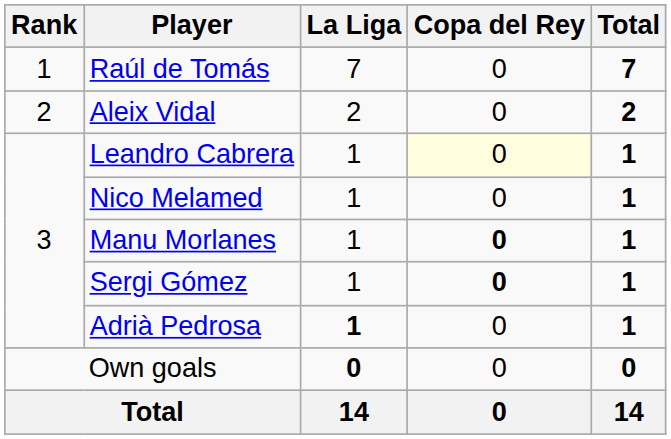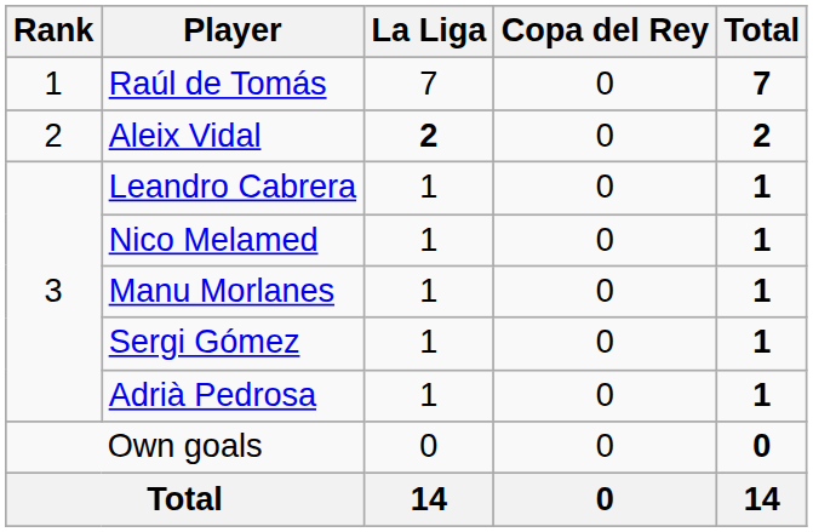 <table class="wikitable" style="text-align:center;">
 <tr>
 <th>Rank</th>
 <th>Player</th>
 <th>La Liga</th>
 <th>Copa del Rey</th>
 <th>Total</th>
 </tr>
 <tr>
 <td>1</td>
 <td align=left> <a href='#'>Raúl de Tomás</a></td>
 <td>7</td>
 <td>0</td>
 <td><strong>7</strong></td>
 </tr>
 <tr>
 <td>2</td>
 <td align=left> <a href='#'>Aleix Vidal</a></td>
-<td>2</td>
+<td><strong>2</strong></td>
 <td>0</td>
 <td><strong>2</strong></td>
 </tr>
 <tr>
 <td rowspan=5>3</td>
 <td align=left> <a href='#'>Leandro Cabrera</a></td>
 <td>1</td>
-<td style="background: lightyellow;">0</td>
+<td>0</td>
 <td><strong>1</strong></td>
 </tr>
 <tr>
 <td align=left> <a href='#'>Nico Melamed</a></td>
 <td>1</td>
 <td>0</td>
 <td><strong>1</strong></td>
 </tr>
 <tr>
 <td align=left> <a href='#'>Manu Morlanes</a></td>
 <td>1</td>
-<td><strong>0</strong></td>
+<td>0</td>
 <td><strong>1</strong></td>
 </tr>
 <tr>
 <td align=left> <a href='#'>Sergi Gómez</a></td>
 <td>1</td>
-<td><strong>0</strong></td>
+<td>0</td>
 <td><strong>1</strong></td>
 </tr>
 <tr>
 <td align=left> <a href='#'>Adrià Pedrosa</a></td>
-<td><strong>1</strong></td>
+<td>1</td>
 <td>0</td>
 <td><strong>1</strong></td>
 </tr>
 <tr>
 <td align=center colspan=2>Own goals</td>
-<td><strong>0</strong></td>
+<td>0</td>
 <td>0</td>
 <td><strong>0</strong></td>
 </tr>
 <tr>
 <th colspan=2>Total</th>
 <th>14</th>
 <th>0</th>
 <th>14</th>
 </tr>
 </table>
